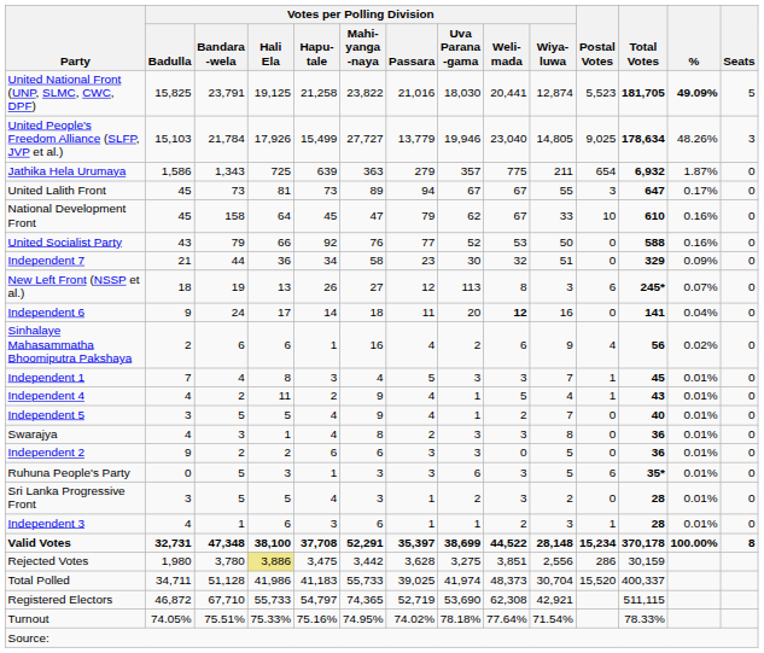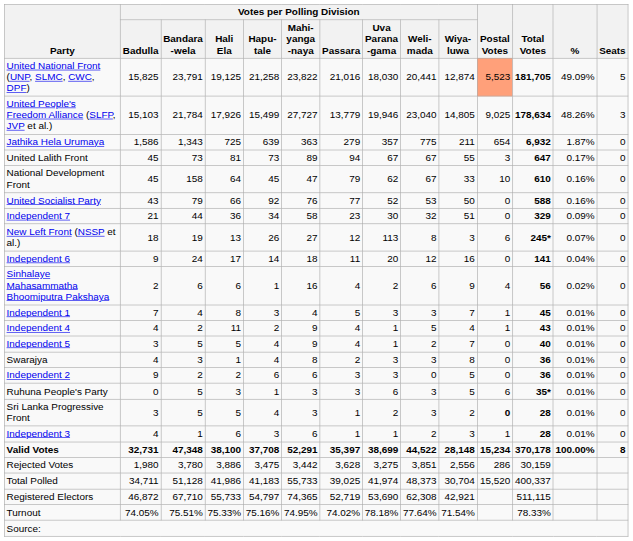 <table class="wikitable" border="1" style="text-align:right;">
 <tr>
 <th align=left valign=bottom rowspan=2 width="180">Party</th>
 <th colspan=9>Votes per Polling Division</th>
 <th align=center valign=bottom rowspan=2 width="50">Postal<br>Votes</th>
 <th align=center valign=bottom rowspan=2 width="50">Total Votes</th>
 <th align=center valign=bottom rowspan=2 width="50">%</th>
 <th align=center valign=bottom rowspan=2 width="40">Seats</th>
 </tr>
 <tr>
 <th align=center valign=bottom width="50">Badulla</th>
 <th align=center valign=bottom width="50">Bandara<br>-wela</th>
 <th align=center valign=bottom width="50">Hali<br>Ela</th>
 <th !align=center valign=bottom width="50">Hapu-<br>tale</th>
 <th align=center valign=bottom width="50">Mahi-<br>yanga<br>-naya</th>
 <th align=center valign=bottom width="50">Passara</th>
 <th align=center valign=bottom width="50">Uva<br>Parana<br>-gama</th>
 <th align=center valign=bottom width="50">Weli-<br>mada</th>
 <th align=center valign=bottom width="50">Wiya-<br>luwa</th>
 </tr>
 <tr>
 <td align=left><a href='#'>United National Front</a><br>(<a href='#'>UNP</a>, <a href='#'>SLMC</a>, <a href='#'>CWC</a>, <a href='#'>DPF</a>)</td>
 <td>15,825</td>
 <td>23,791</td>
 <td>19,125</td>
 <td>21,258</td>
 <td>23,822</td>
 <td>21,016</td>
 <td>18,030</td>
 <td>20,441</td>
 <td>12,874</td>
-<td>5,523</td>
+<td style="background: lightsalmon;">5,523</td>
 <td><strong>181,705</strong></td>
-<td><strong>49.09%</strong></td>
+<td>49.09%</td>
 <td>5</td>
 </tr>
 <tr>
 <td align=left><a href='#'>United People's Freedom Alliance</a> (<a href='#'>SLFP</a>, <a href='#'>JVP</a> et al.)</td>
 <td>15,103</td>
 <td>21,784</td>
 <td>17,926</td>
 <td>15,499</td>
 <td>27,727</td>
 <td>13,779</td>
 <td>19,946</td>
 <td>23,040</td>
 <td>14,805</td>
 <td>9,025</td>
 <td><strong>178,634</strong></td>
 <td>48.26%</td>
 <td>3</td>
 </tr>
 <tr>
 <td align=left><a href='#'>Jathika Hela Urumaya</a></td>
 <td>1,586</td>
 <td>1,343</td>
 <td>725</td>
 <td>639</td>
 <td>363</td>
 <td>279</td>
 <td>357</td>
 <td>775</td>
 <td>211</td>
 <td>654</td>
 <td><strong>6,932</strong></td>
 <td>1.87%</td>
 <td>0</td>
 </tr>
 <tr>
 <td align=left>United Lalith Front</td>
 <td>45</td>
 <td>73</td>
 <td>81</td>
 <td>73</td>
 <td>89</td>
 <td>94</td>
 <td>67</td>
 <td>67</td>
 <td>55</td>
 <td>3</td>
 <td><strong>647</strong></td>
 <td>0.17%</td>
 <td>0</td>
 </tr>
 <tr>
 <td align=left>National Development Front</td>
 <td>45</td>
 <td>158</td>
 <td>64</td>
 <td>45</td>
 <td>47</td>
 <td>79</td>
 <td>62</td>
 <td>67</td>
 <td>33</td>
 <td>10</td>
 <td><strong>610</strong></td>
 <td>0.16%</td>
 <td>0</td>
 </tr>
 <tr>
 <td align=left><a href='#'>United Socialist Party</a></td>
 <td>43</td>
 <td>79</td>
 <td>66</td>
 <td>92</td>
 <td>76</td>
 <td>77</td>
 <td>52</td>
 <td>53</td>
 <td>50</td>
 <td>0</td>
 <td><strong>588</strong></td>
 <td>0.16%</td>
 <td>0</td>
 </tr>
 <tr>
 <td align=left><a href='#'>Independent 7</a></td>
 <td>21</td>
 <td>44</td>
 <td>36</td>
 <td>34</td>
 <td>58</td>
 <td>23</td>
 <td>30</td>
 <td>32</td>
 <td>51</td>
 <td>0</td>
 <td><strong>329</strong></td>
 <td>0.09%</td>
 <td>0</td>
 </tr>
 <tr>
 <td align=left><a href='#'>New Left Front</a> (<a href='#'>NSSP</a> et al.)</td>
 <td>18</td>
 <td>19</td>
 <td>13</td>
 <td>26</td>
 <td>27</td>
 <td>12</td>
 <td>113</td>
 <td>8</td>
 <td>3</td>
 <td>6</td>
 <td><strong>245*</strong></td>
 <td>0.07%</td>
 <td>0</td>
 </tr>
 <tr>
 <td align=left><a href='#'>Independent 6</a></td>
 <td>9</td>
 <td>24</td>
 <td>17</td>
 <td>14</td>
 <td>18</td>
 <td>11</td>
 <td>20</td>
-<td><strong>12</strong></td>
+<td>12</td>
 <td>16</td>
 <td>0</td>
 <td><strong>141</strong></td>
 <td>0.04%</td>
 <td>0</td>
 </tr>
 <tr>
 <td align=left><a href='#'>Sinhalaye Mahasammatha Bhoomiputra Pakshaya</a></td>
 <td>2</td>
 <td>6</td>
 <td>6</td>
 <td>1</td>
 <td>16</td>
 <td>4</td>
 <td>2</td>
 <td>6</td>
 <td>9</td>
 <td>4</td>
 <td><strong>56</strong></td>
 <td>0.02%</td>
 <td>0</td>
 </tr>
 <tr>
 <td align=left><a href='#'>Independent 1</a></td>
 <td>7</td>
 <td>4</td>
 <td>8</td>
 <td>3</td>
 <td>4</td>
 <td>5</td>
 <td>3</td>
 <td>3</td>
 <td>7</td>
 <td>1</td>
 <td><strong>45</strong></td>
 <td>0.01%</td>
 <td>0</td>
 </tr>
 <tr>
 <td align=left><a href='#'>Independent 4</a></td>
 <td>4</td>
 <td>2</td>
 <td>11</td>
 <td>2</td>
 <td>9</td>
 <td>4</td>
 <td>1</td>
 <td>5</td>
 <td>4</td>
 <td>1</td>
 <td><strong>43</strong></td>
 <td>0.01%</td>
 <td>0</td>
 </tr>
 <tr>
 <td align=left><a href='#'>Independent 5</a></td>
 <td>3</td>
 <td>5</td>
 <td>5</td>
 <td>4</td>
 <td>9</td>
 <td>4</td>
 <td>1</td>
 <td>2</td>
 <td>7</td>
 <td>0</td>
 <td><strong>40</strong></td>
 <td>0.01%</td>
 <td>0</td>
 </tr>
 <tr>
 <td align=left>Swarajya</td>
 <td>4</td>
 <td>3</td>
 <td>1</td>
 <td>4</td>
 <td>8</td>
 <td>2</td>
 <td>3</td>
 <td>3</td>
 <td>8</td>
 <td>0</td>
 <td><strong>36</strong></td>
 <td>0.01%</td>
 <td>0</td>
 </tr>
 <tr>
 <td align=left><a href='#'>Independent 2</a></td>
 <td>9</td>
 <td>2</td>
 <td>2</td>
 <td>6</td>
 <td>6</td>
 <td>3</td>
 <td>3</td>
 <td>0</td>
 <td>5</td>
 <td>0</td>
 <td><strong>36</strong></td>
 <td>0.01%</td>
 <td>0</td>
 </tr>
 <tr>
 <td align=left>Ruhuna People's Party</td>
 <td>0</td>
 <td>5</td>
 <td>3</td>
 <td>1</td>
 <td>3</td>
 <td>3</td>
 <td>6</td>
 <td>3</td>
 <td>5</td>
 <td>6</td>
 <td><strong>35*</strong></td>
 <td>0.01%</td>
 <td>0</td>
 </tr>
 <tr>
 <td align=left>Sri Lanka Progressive Front</td>
 <td>3</td>
 <td>5</td>
 <td>5</td>
 <td>4</td>
 <td>3</td>
 <td>1</td>
 <td>2</td>
 <td>3</td>
 <td>2</td>
-<td>0</td>
+<td><strong>0</strong></td>
 <td><strong>28</strong></td>
 <td>0.01%</td>
 <td>0</td>
 </tr>
 <tr>
 <td align=left><a href='#'>Independent 3</a></td>
 <td>4</td>
 <td>1</td>
 <td>6</td>
 <td>3</td>
 <td>6</td>
 <td>1</td>
 <td>1</td>
 <td>2</td>
 <td>3</td>
 <td>1</td>
 <td><strong>28</strong></td>
 <td>0.01%</td>
 <td>0</td>
 </tr>
 <tr>
 <td align=left><strong>Valid Votes</strong></td>
 <td><strong>32,731</strong></td>
 <td><strong>47,348</strong></td>
 <td><strong>38,100</strong></td>
 <td><strong>37,708</strong></td>
 <td><strong>52,291</strong></td>
 <td><strong>35,397</strong></td>
 <td><strong>38,699</strong></td>
 <td><strong>44,522</strong></td>
 <td><strong>28,148</strong></td>
 <td><strong>15,234</strong></td>
 <td><strong>370,178</strong></td>
 <td><strong>100.00%</strong></td>
 <td><strong>8</strong></td>
 </tr>
 <tr>
 <td align=left>Rejected Votes</td>
 <td>1,980</td>
 <td>3,780</td>
-<td style="background: khaki;">3,886</td>
+<td>3,886</td>
 <td>3,475</td>
 <td>3,442</td>
 <td>3,628</td>
 <td>3,275</td>
 <td>3,851</td>
 <td>2,556</td>
 <td>286</td>
 <td>30,159</td>
 <td></td>
 <td></td>
 </tr>
 <tr>
 <td align=left>Total Polled</td>
 <td>34,711</td>
 <td>51,128</td>
 <td>41,986</td>
 <td>41,183</td>
 <td>55,733</td>
 <td>39,025</td>
 <td>41,974</td>
 <td>48,373</td>
 <td>30,704</td>
 <td>15,520</td>
 <td>400,337</td>
 <td></td>
 <td></td>
 </tr>
 <tr>
 <td align=left>Registered Electors</td>
 <td>46,872</td>
 <td>67,710</td>
 <td>55,733</td>
 <td>54,797</td>
 <td>74,365</td>
 <td>52,719</td>
 <td>53,690</td>
 <td>62,308</td>
 <td>42,921</td>
 <td></td>
 <td>511,115</td>
 <td></td>
 <td></td>
 </tr>
 <tr>
 <td align=left>Turnout</td>
 <td>74.05%</td>
 <td>75.51%</td>
 <td>75.33%</td>
 <td>75.16%</td>
 <td>74.95%</td>
 <td>74.02%</td>
 <td>78.18%</td>
 <td>77.64%</td>
 <td>71.54%</td>
 <td></td>
 <td>78.33%</td>
 <td></td>
 <td></td>
 </tr>
 <tr>
 <td align=left colspan=15>Source:</td>
 </tr>
 </table>
